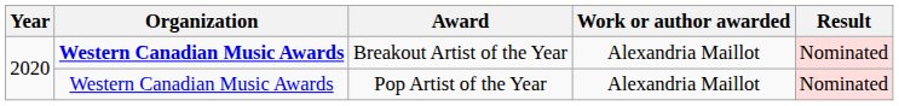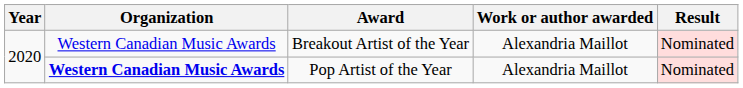 <table class="wikitable plainrowheaders" style="text-align:center;"}>
 <tr>
 <th>Year</th>
 <th>Organization</th>
 <th>Award</th>
 <th>Work or author awarded</th>
 <th>Result</th>
 </tr>
 <tr>
 <td rowspan="2">2020</td>
-<td><strong><a href='#'>Western Canadian Music Awards</a></strong></td>
+<td><a href='#'>Western Canadian Music Awards</a></td>
 <td>Breakout Artist of the Year</td>
 <td>Alexandria Maillot</td>
 <td style="background:#FDD">Nominated</td>
 </tr>
 <tr>
-<td><a href='#'>Western Canadian Music Awards</a></td>
+<td><strong><a href='#'>Western Canadian Music Awards</a></strong></td>
 <td>Pop Artist of the Year</td>
 <td>Alexandria Maillot</td>
 <td style="background:#FDD">Nominated</td>
 </tr>
 </table>
